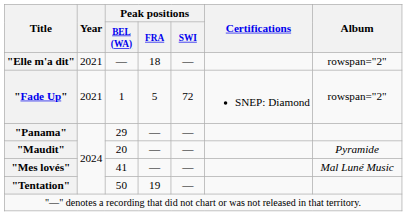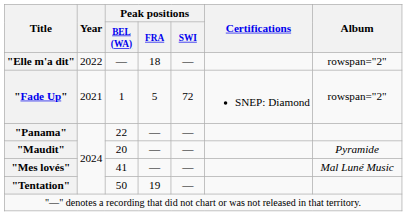 <table class="wikitable plainrowheaders" style="text-align:center;">
 <tr>
 <th rowspan="2" style="text-align:center;">Title</th>
 <th rowspan="2" style="text-align:center; width:10px;">Year</th>
 <th style="text-align:center;" colspan="3">Peak positions</th>
 <th align="center" rowspan="2"><a href='#'>Certifications</a></th>
 <th rowspan="2" style="text-align:center; width:120px;">Album</th>
 </tr>
 <tr>
 <th width="40"><small><a href='#'>BEL<br>(WA)</a></small><br></th>
 <th width="40"><small><a href='#'>FRA</a></small><br></th>
 <th width="40"><small><a href='#'>SWI</a></small><br></th>
 </tr>
 <tr>
 <th scope="row">"Elle m'a dit"<br></th>
-<td>2021</td>
+<td>2022</td>
 <td>—</td>
 <td>18</td>
 <td>—</td>
 <td></td>
 <td>rowspan="2" </td>
 </tr>
 <tr>
 <th scope="row">"<a href='#'>Fade Up</a>"<br></th>
 <td>2021</td>
 <td>1</td>
 <td>5</td>
 <td>72</td>
 <td><br><ul><li>SNEP: Diamond</li></ul></td>
 <td>rowspan="2" </td>
 </tr>
 <tr>
 <th scope="row">"Panama"<br></th>
 <td rowspan="4">2024</td>
-<td>29</td>
+<td>22</td>
 <td>—</td>
 <td>—</td>
 <td></td>
 </tr>
 <tr>
 <th scope="row">"Maudit"<br></th>
 <td>20</td>
 <td>—</td>
 <td>—</td>
 <td></td>
 <td><em>Pyramide</em></td>
 </tr>
 <tr>
 <th scope="row">"Mes lovés"<br></th>
 <td>41</td>
 <td>—</td>
 <td>—</td>
 <td></td>
 <td><em>Mal Luné Music</em></td>
 </tr>
 <tr>
 <th scope="row">"Tentation"<br></th>
 <td>50</td>
 <td>19</td>
 <td>—</td>
 <td></td>
 </tr>
 <tr>
 <td colspan="10" style="font-size:90%">"—" denotes a recording that did not chart or was not released in that territory.</td>
 </tr>
 </table>
